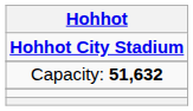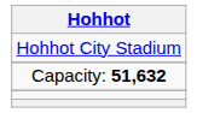 <table class="wikitable" style="margin:1em auto; text-align:center;">
 <tr>
 <th><a href='#'>Hohhot</a></th>
 </tr>
 <tr>
-<td><strong><a href='#'>Hohhot City Stadium</a></strong></td>
+<td><a href='#'>Hohhot City Stadium</a></td>
 </tr>
 <tr>
 </tr>
 <tr>
 <td>Capacity: <strong>51,632</strong></td>
 </tr>
 <tr>
 </tr>
 <tr>
 <td></td>
 </tr>
 <tr>
 <th><div></div></th>
 </tr>
 </table>
